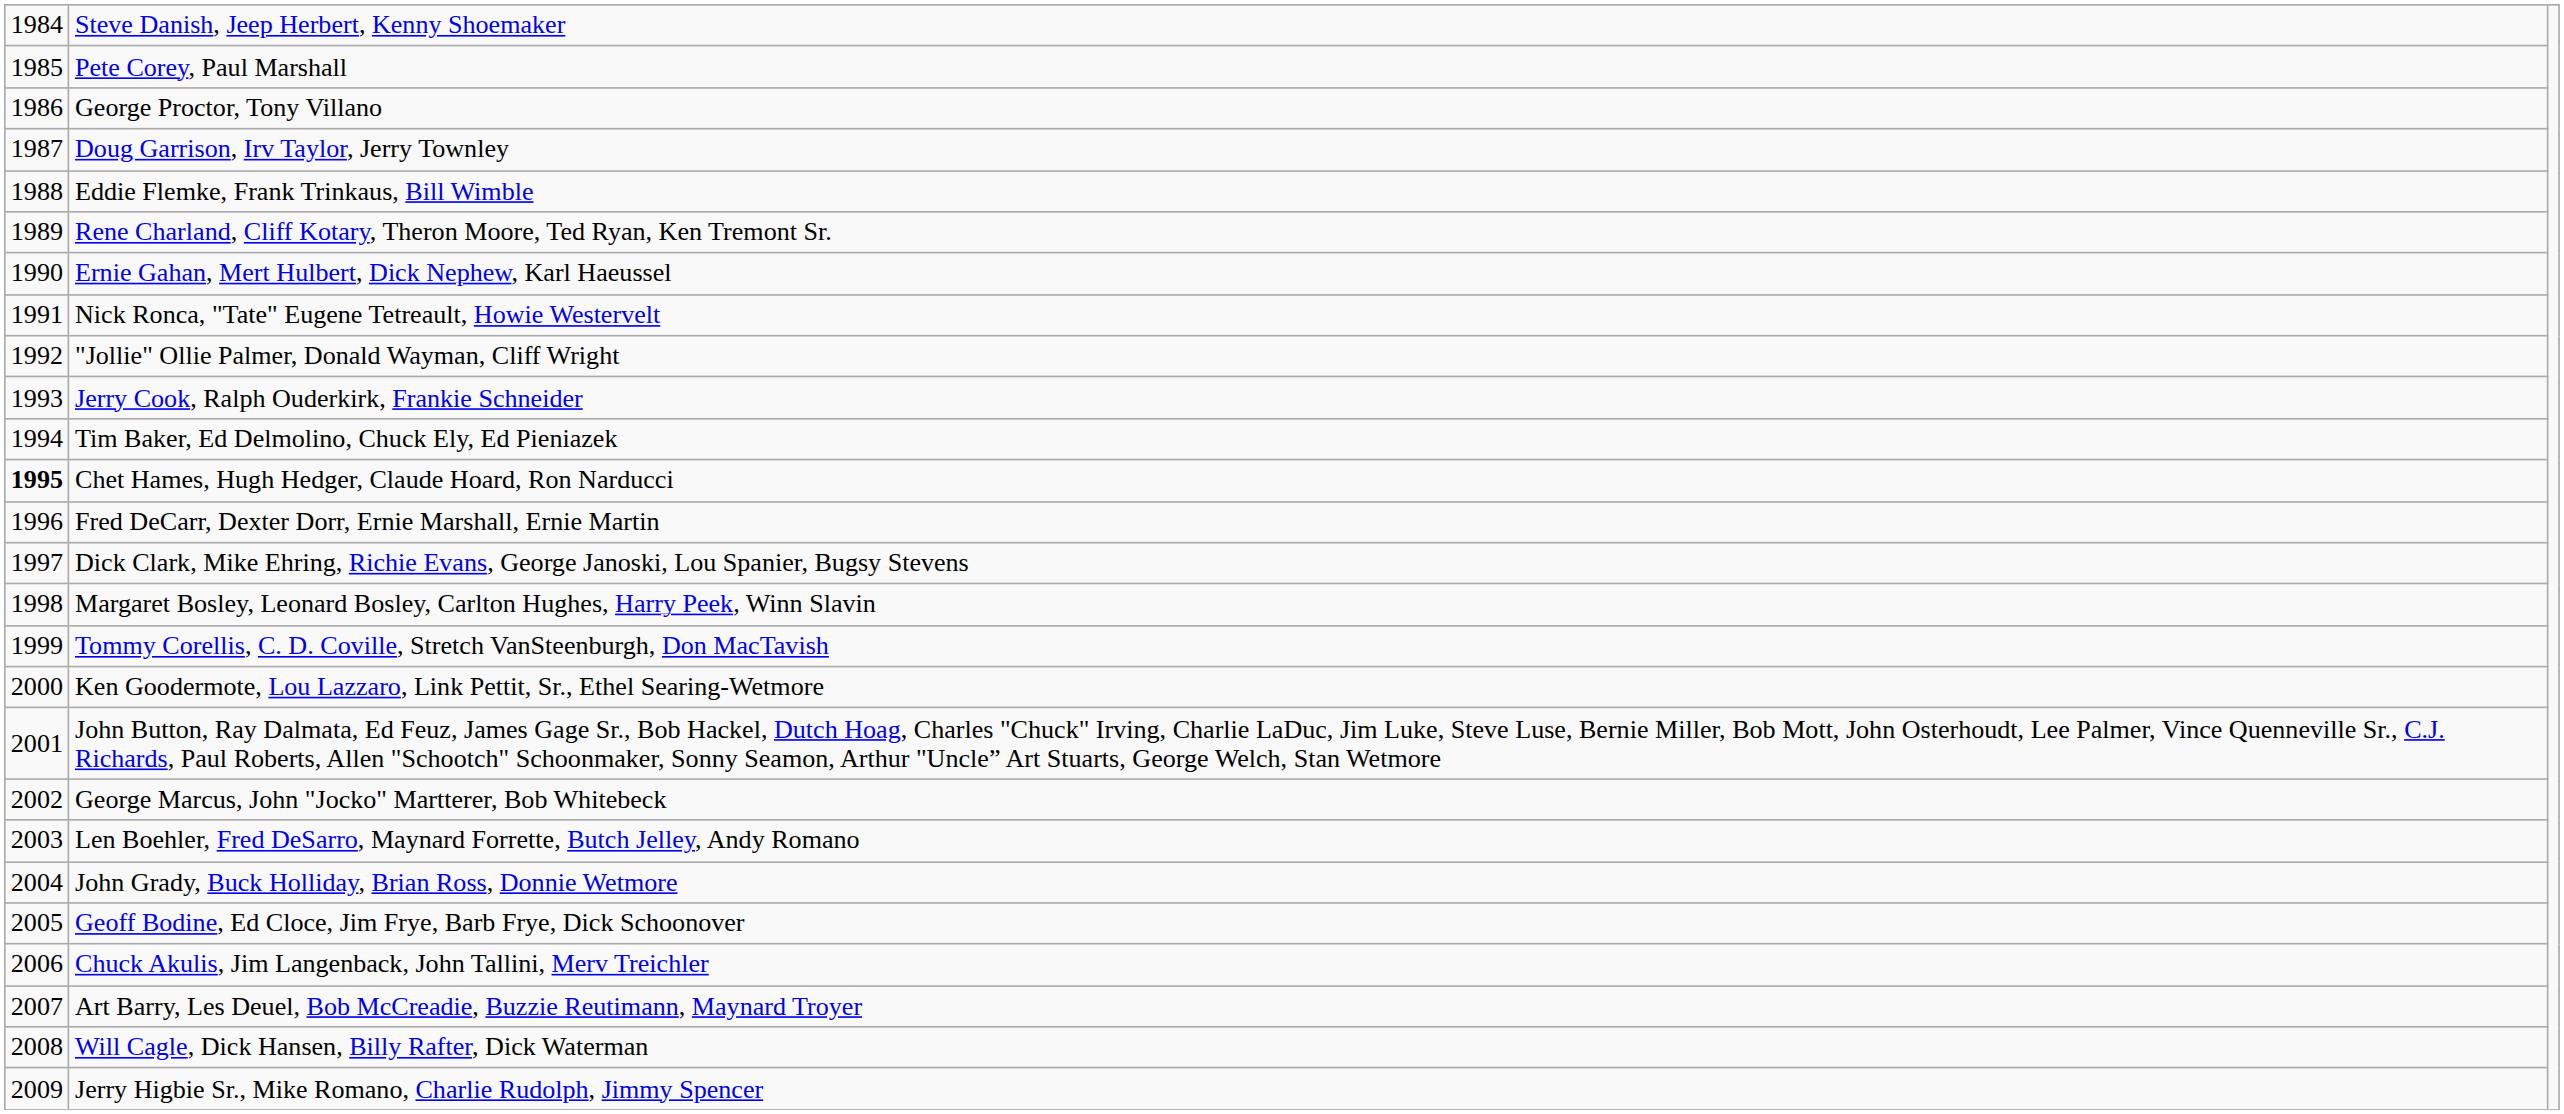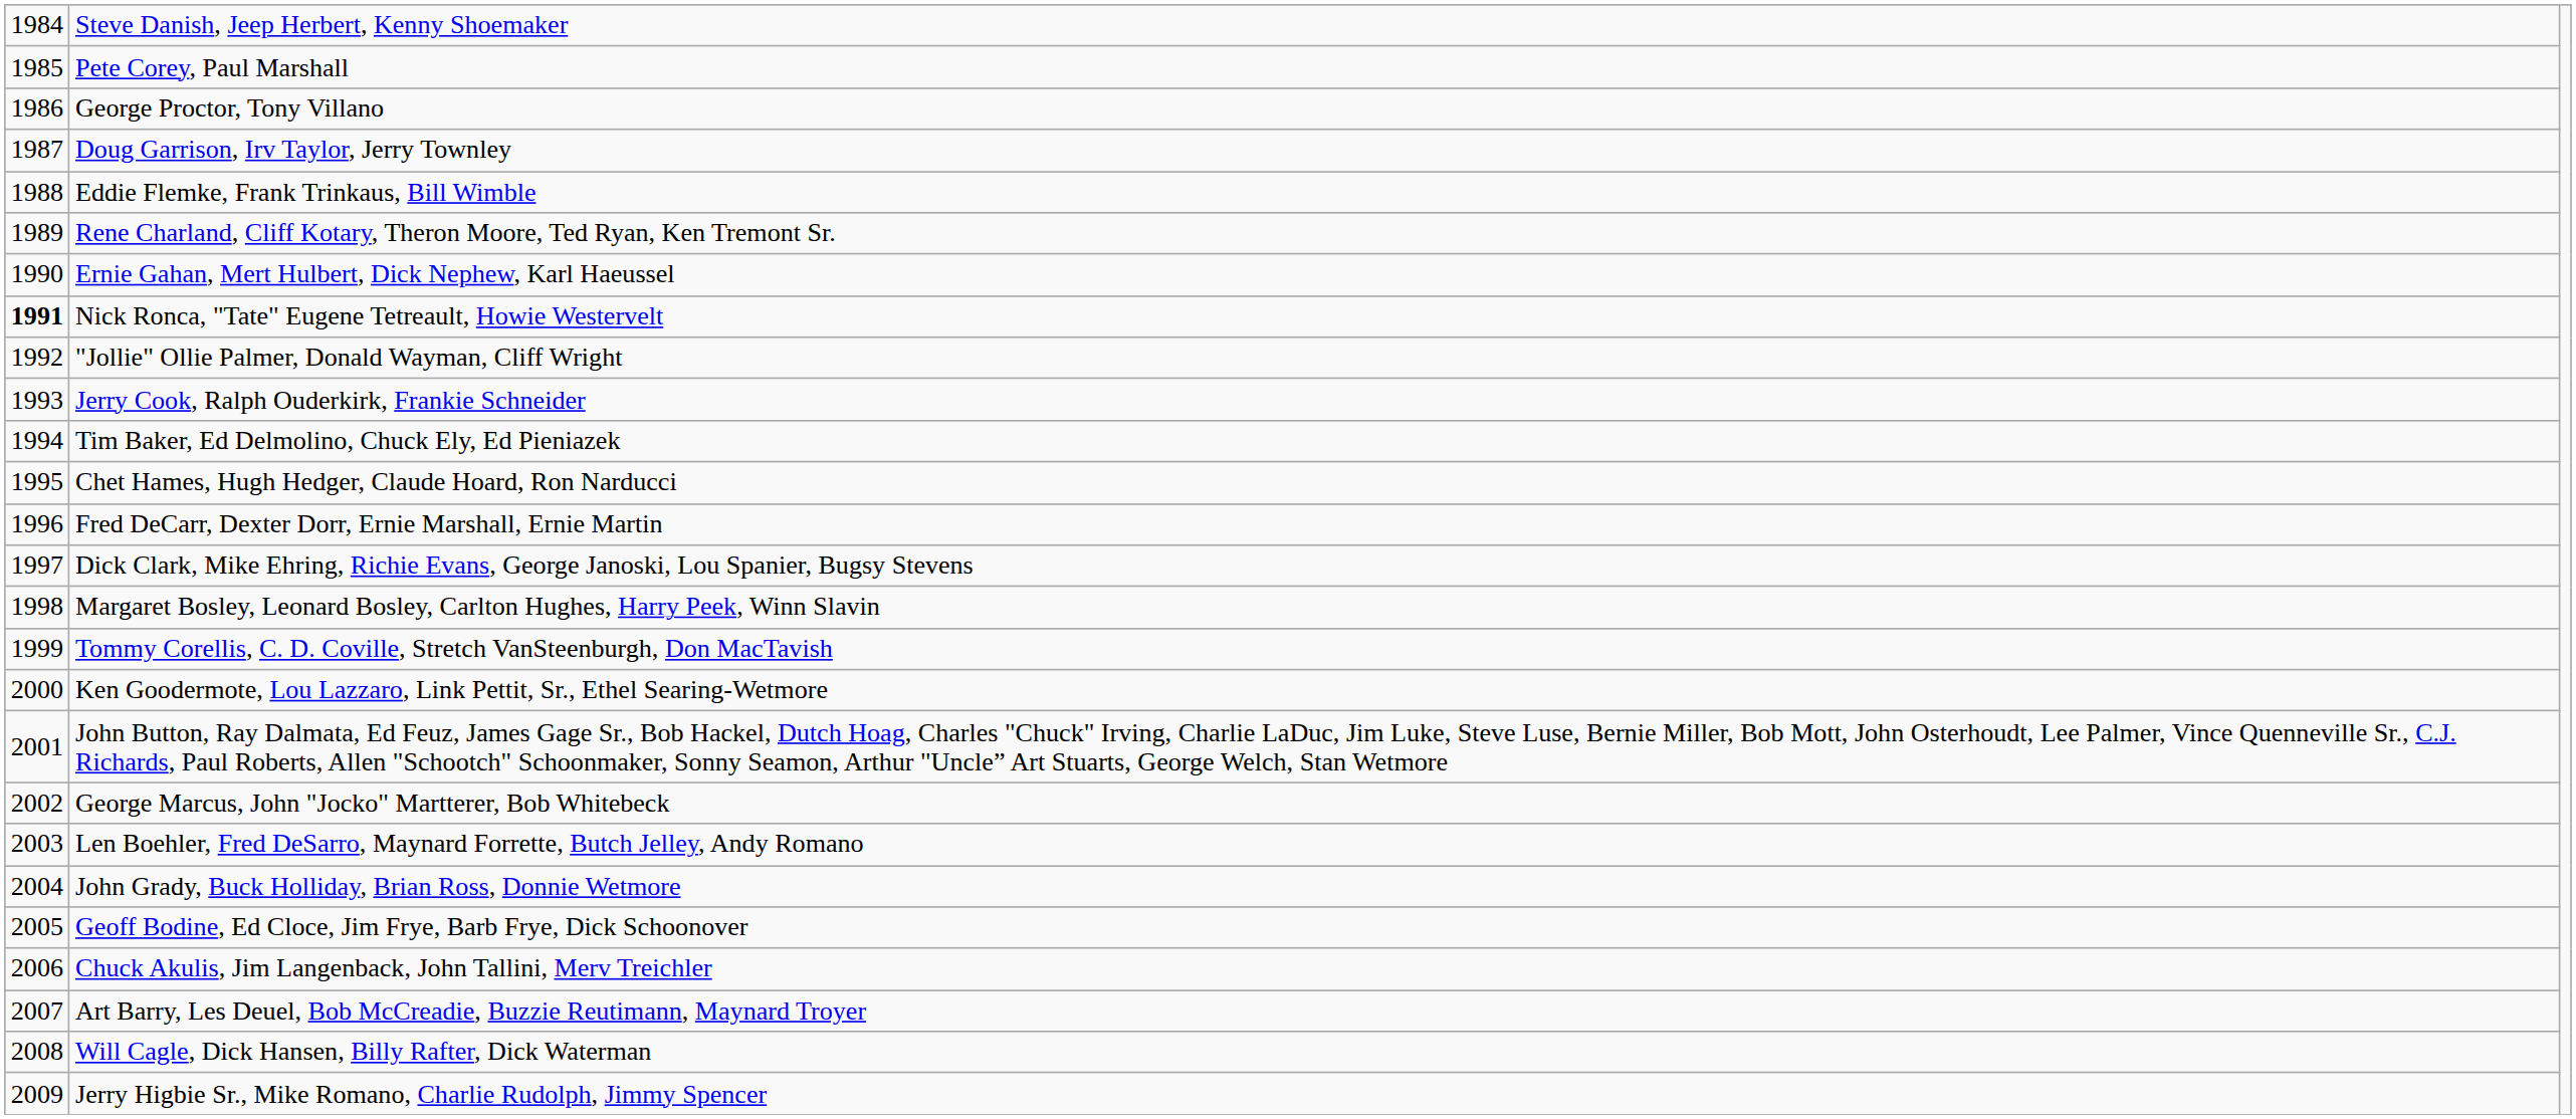 <table class="wikitable">
 <tr>
 <td>1984</td>
 <td><a href='#'>Steve Danish</a>,  <a href='#'>Jeep Herbert</a>, <a href='#'>Kenny Shoemaker</a></td>
 <td rowspan="26"><br></td>
 </tr>
 <tr>
 <td>1985</td>
 <td><a href='#'>Pete Corey</a>, Paul Marshall</td>
 </tr>
 <tr>
 <td>1986</td>
 <td>George Proctor, Tony Villano</td>
 </tr>
 <tr>
 <td>1987</td>
 <td><a href='#'>Doug Garrison</a>, <a href='#'>Irv Taylor</a>, Jerry Townley</td>
 </tr>
 <tr>
 <td>1988</td>
 <td>Eddie Flemke, Frank Trinkaus, <a href='#'>Bill Wimble</a></td>
 </tr>
 <tr>
 <td>1989</td>
 <td><a href='#'>Rene Charland</a>, <a href='#'>Cliff Kotary</a>, Theron Moore, Ted Ryan, Ken Tremont Sr.</td>
 </tr>
 <tr>
 <td>1990</td>
 <td><a href='#'>Ernie Gahan</a>, <a href='#'>Mert Hulbert</a>, <a href='#'>Dick Nephew</a>, Karl Haeussel</td>
 </tr>
 <tr>
-<td>1991</td>
+<td><strong>1991</strong></td>
 <td>Nick Ronca, "Tate" Eugene Tetreault, <a href='#'>Howie Westervelt</a></td>
 </tr>
 <tr>
 <td>1992</td>
 <td>"Jollie" Ollie Palmer, Donald Wayman, Cliff Wright</td>
 </tr>
 <tr>
 <td>1993</td>
 <td><a href='#'>Jerry Cook</a>, Ralph Ouderkirk, <a href='#'>Frankie Schneider</a></td>
 </tr>
 <tr>
 <td>1994</td>
 <td>Tim Baker, Ed Delmolino, Chuck Ely, Ed Pieniazek</td>
 </tr>
 <tr>
-<td><strong>1995</strong></td>
+<td>1995</td>
 <td>Chet Hames, Hugh Hedger, Claude Hoard, Ron Narducci</td>
 </tr>
 <tr>
 <td>1996</td>
 <td>Fred DeCarr, Dexter Dorr, Ernie Marshall, Ernie Martin</td>
 </tr>
 <tr>
 <td>1997</td>
 <td>Dick Clark, Mike Ehring, <a href='#'>Richie Evans</a>, George Janoski, Lou Spanier, Bugsy Stevens</td>
 </tr>
 <tr>
 <td>1998</td>
 <td>Margaret Bosley, Leonard Bosley, Carlton Hughes, <a href='#'>Harry Peek</a>, Winn Slavin</td>
 </tr>
 <tr>
 <td>1999</td>
 <td><a href='#'>Tommy Corellis</a>, <a href='#'>C. D. Coville</a>, Stretch VanSteenburgh, <a href='#'>Don MacTavish</a></td>
 </tr>
 <tr>
 <td>2000</td>
 <td>Ken Goodermote, <a href='#'>Lou Lazzaro</a>, Link Pettit, Sr., Ethel Searing-Wetmore</td>
 </tr>
 <tr>
 <td>2001</td>
 <td>John Button, Ray Dalmata, Ed Feuz, James Gage Sr., Bob Hackel, <a href='#'>Dutch Hoag</a>, Charles "Chuck"  Irving, Charlie LaDuc, Jim Luke, Steve Luse, Bernie Miller, Bob Mott, John Osterhoudt, Lee Palmer, Vince Quenneville Sr., <a href='#'>C.J. Richards</a>, Paul Roberts, Allen "Schootch" Schoonmaker,  Sonny Seamon, Arthur "Uncle” Art Stuarts, George Welch, Stan Wetmore</td>
 </tr>
 <tr>
 <td>2002</td>
 <td>George Marcus, John "Jocko" Martterer, Bob Whitebeck</td>
 </tr>
 <tr>
 <td>2003</td>
 <td>Len Boehler, <a href='#'>Fred DeSarro</a>, Maynard Forrette, <a href='#'>Butch Jelley</a>, Andy Romano</td>
 </tr>
 <tr>
 <td>2004</td>
 <td>John Grady, <a href='#'>Buck Holliday</a>, <a href='#'>Brian Ross</a>, <a href='#'>Donnie Wetmore</a></td>
 </tr>
 <tr>
 <td>2005</td>
 <td><a href='#'>Geoff Bodine</a>, Ed Cloce, Jim Frye, Barb Frye, Dick Schoonover</td>
 </tr>
 <tr>
 <td>2006</td>
 <td><a href='#'>Chuck Akulis</a>, Jim Langenback, John Tallini, <a href='#'>Merv Treichler</a></td>
 </tr>
 <tr>
 <td>2007</td>
 <td>Art Barry, Les Deuel, <a href='#'>Bob McCreadie</a>, <a href='#'>Buzzie Reutimann</a>, <a href='#'>Maynard Troyer</a></td>
 </tr>
 <tr>
 <td>2008</td>
 <td><a href='#'>Will Cagle</a>, Dick Hansen, <a href='#'>Billy Rafter</a>, Dick Waterman</td>
 </tr>
 <tr>
 <td>2009</td>
 <td>Jerry Higbie Sr., Mike Romano, <a href='#'>Charlie Rudolph</a>, <a href='#'>Jimmy Spencer</a></td>
 </tr>
 </table>
